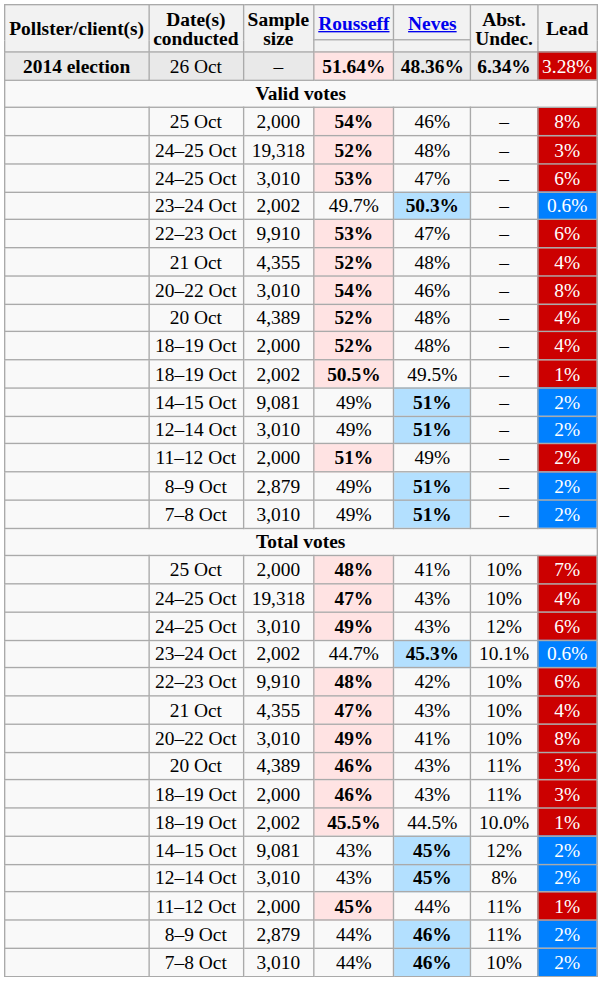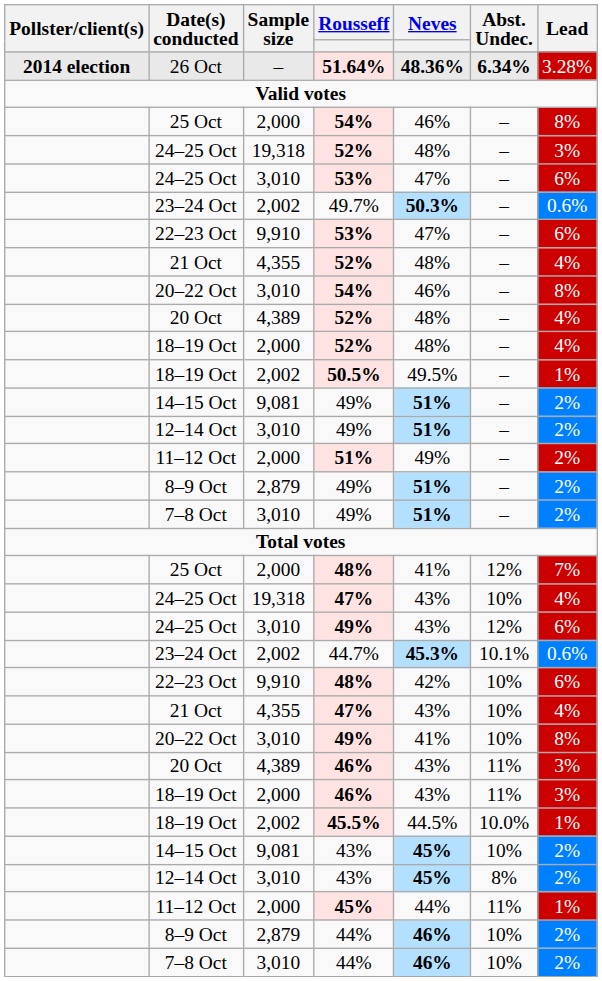 <table class="wikitable sortable" style="text-align:center;font-size:90%;line-height:14px;">
 <tr>
 <th rowspan="2">Pollster/client(s)</th>
 <th rowspan="2">Date(s)<br>conducted</th>
 <th rowspan="2" data-sort-type="number">Sample<br>size</th>
 <th class="unsortable" style="width:50px;"><a href='#'>Rousseff</a><br></th>
 <th class="unsortable" style="width:50px;"><a href='#'>Neves</a><br></th>
 <th rowspan="2" class="unsortable">Abst.<br>Undec.</th>
 <th rowspan="2" data-sort-type="number">Lead</th>
 </tr>
 <tr>
 <th data-sort-type="number" class="sortable" style="background:"></th>
 <th data-sort-type="number" class="sortable" style="background:"></th>
 </tr>
 <tr style="background:#E9E9E9;">
 <td><strong>2014 election</strong></td>
 <td>26 Oct</td>
 <td>–</td>
 <td style="background:#FFE3E3"><strong>51.64%</strong></td>
 <td><strong>48.36%</strong></td>
 <td><strong>6.34%</strong></td>
 <td style="background:#CC0000;color:#FFFFFF;">3.28%</td>
 </tr>
 <tr>
 <td colspan="7"><strong>Valid votes</strong></td>
 </tr>
 <tr>
 <td></td>
 <td>25 Oct</td>
 <td>2,000</td>
 <td style="background:#FFE3E3"><strong>54%</strong></td>
 <td>46%</td>
 <td>–</td>
 <td style="background:#CC0000;color:#FFFFFF;">8%</td>
 </tr>
 <tr>
 <td></td>
 <td>24–25 Oct</td>
 <td>19,318</td>
 <td style="background:#FFE3E3"><strong>52%</strong></td>
 <td>48%</td>
 <td>–</td>
 <td style="background:#CC0000;color:#FFFFFF;">3%</td>
 </tr>
 <tr>
 <td></td>
 <td>24–25 Oct</td>
 <td>3,010</td>
 <td style="background:#FFE3E3"><strong>53%</strong></td>
 <td>47%</td>
 <td>–</td>
 <td style="background:#CC0000;color:#FFFFFF;">6%</td>
 </tr>
 <tr>
 <td></td>
 <td>23–24 Oct</td>
 <td>2,002</td>
 <td>49.7%</td>
 <td style="background:#B3E0FF"><strong>50.3%</strong></td>
 <td>–</td>
 <td style="background:#0080FF;color:#FFFFFF;">0.6%</td>
 </tr>
 <tr>
 <td></td>
 <td>22–23 Oct</td>
 <td>9,910</td>
 <td style="background:#FFE3E3"><strong>53%</strong></td>
 <td>47%</td>
 <td>–</td>
 <td style="background:#CC0000;color:#FFFFFF;">6%</td>
 </tr>
 <tr>
 <td></td>
 <td>21 Oct</td>
 <td>4,355</td>
 <td style="background:#FFE3E3"><strong>52%</strong></td>
 <td>48%</td>
 <td>–</td>
 <td style="background:#CC0000;color:#FFFFFF;">4%</td>
 </tr>
 <tr>
 <td></td>
 <td>20–22 Oct</td>
 <td>3,010</td>
 <td style="background:#FFE3E3"><strong>54%</strong></td>
 <td>46%</td>
 <td>–</td>
 <td style="background:#CC0000;color:#FFFFFF;">8%</td>
 </tr>
 <tr>
 <td></td>
 <td>20 Oct</td>
 <td>4,389</td>
 <td style="background:#FFE3E3"><strong>52%</strong></td>
 <td>48%</td>
 <td>–</td>
 <td style="background:#CC0000;color:#FFFFFF;">4%</td>
 </tr>
 <tr>
 <td></td>
 <td>18–19 Oct</td>
 <td>2,000</td>
 <td style="background:#FFE3E3"><strong>52%</strong></td>
 <td>48%</td>
 <td>–</td>
 <td style="background:#CC0000;color:#FFFFFF;">4%</td>
 </tr>
 <tr>
 <td></td>
 <td>18–19 Oct</td>
 <td>2,002</td>
 <td style="background:#FFE3E3"><strong>50.5%</strong></td>
 <td>49.5%</td>
 <td>–</td>
 <td style="background:#CC0000;color:#FFFFFF;">1%</td>
 </tr>
 <tr>
 <td></td>
 <td>14–15 Oct</td>
 <td>9,081</td>
 <td>49%</td>
 <td style="background:#B3E0FF"><strong>51%</strong></td>
 <td>–</td>
 <td style="background:#0080FF;color:#FFFFFF;">2%</td>
 </tr>
 <tr>
 <td></td>
 <td>12–14 Oct</td>
 <td>3,010</td>
 <td>49%</td>
 <td style="background:#B3E0FF"><strong>51%</strong></td>
 <td>–</td>
 <td style="background:#0080FF;color:#FFFFFF;">2%</td>
 </tr>
 <tr>
 <td> </td>
 <td>11–12 Oct</td>
 <td>2,000</td>
 <td style="background:#FFE3E3"><strong>51%</strong></td>
 <td>49%</td>
 <td>–</td>
 <td style="background:#CC0000;color:#FFFFFF;">2%</td>
 </tr>
 <tr>
 <td></td>
 <td>8–9 Oct</td>
 <td>2,879</td>
 <td>49%</td>
 <td style="background:#B3E0FF"><strong>51%</strong></td>
 <td>–</td>
 <td style="background:#0080FF;color:#FFFFFF;">2%</td>
 </tr>
 <tr>
 <td></td>
 <td>7–8 Oct</td>
 <td>3,010</td>
 <td>49%</td>
 <td style="background:#B3E0FF"><strong>51%</strong></td>
 <td>–</td>
 <td style="background:#0080FF;color:#FFFFFF;">2%</td>
 </tr>
 <tr>
 <td colspan="7"><strong>Total votes</strong></td>
 </tr>
 <tr>
 <td></td>
 <td>25 Oct</td>
 <td>2,000</td>
 <td style="background:#FFE3E3"><strong>48%</strong></td>
 <td>41%</td>
-<td>10%</td>
+<td>12%</td>
 <td style="background:#CC0000;color:#FFFFFF;">7%</td>
 </tr>
 <tr>
 <td></td>
 <td>24–25 Oct</td>
 <td>19,318</td>
 <td style="background:#FFE3E3"><strong>47%</strong></td>
 <td>43%</td>
 <td>10%</td>
 <td style="background:#CC0000;color:#FFFFFF;">4%</td>
 </tr>
 <tr>
 <td></td>
 <td>24–25 Oct</td>
 <td>3,010</td>
 <td style="background:#FFE3E3"><strong>49%</strong></td>
 <td>43%</td>
 <td>12%</td>
 <td style="background:#CC0000;color:#FFFFFF;">6%</td>
 </tr>
 <tr>
 <td></td>
 <td>23–24 Oct</td>
 <td>2,002</td>
 <td>44.7%</td>
 <td style="background:#B3E0FF"><strong>45.3%</strong></td>
 <td>10.1%</td>
 <td style="background:#0080FF;color:#FFFFFF;">0.6%</td>
 </tr>
 <tr>
 <td></td>
 <td>22–23 Oct</td>
 <td>9,910</td>
 <td style="background:#FFE3E3"><strong>48%</strong></td>
 <td>42%</td>
 <td>10%</td>
 <td style="background:#CC0000;color:#FFFFFF;">6%</td>
 </tr>
 <tr>
 <td></td>
 <td>21 Oct</td>
 <td>4,355</td>
 <td style="background:#FFE3E3"><strong>47%</strong></td>
 <td>43%</td>
 <td>10%</td>
 <td style="background:#CC0000;color:#FFFFFF;">4%</td>
 </tr>
 <tr>
 <td></td>
 <td>20–22 Oct</td>
 <td>3,010</td>
 <td style="background:#FFE3E3"><strong>49%</strong></td>
 <td>41%</td>
 <td>10%</td>
 <td style="background:#CC0000;color:#FFFFFF;">8%</td>
 </tr>
 <tr>
 <td></td>
 <td>20 Oct</td>
 <td>4,389</td>
 <td style="background:#FFE3E3"><strong>46%</strong></td>
 <td>43%</td>
 <td>11%</td>
 <td style="background:#CC0000;color:#FFFFFF;">3%</td>
 </tr>
 <tr>
 <td></td>
 <td>18–19 Oct</td>
 <td>2,000</td>
 <td style="background:#FFE3E3"><strong>46%</strong></td>
 <td>43%</td>
 <td>11%</td>
 <td style="background:#CC0000;color:#FFFFFF;">3%</td>
 </tr>
 <tr>
 <td></td>
 <td>18–19 Oct</td>
 <td>2,002</td>
 <td style="background:#FFE3E3"><strong>45.5%</strong></td>
 <td>44.5%</td>
 <td>10.0%</td>
 <td style="background:#CC0000;color:#FFFFFF;">1%</td>
 </tr>
 <tr>
 <td></td>
 <td>14–15 Oct</td>
 <td>9,081</td>
 <td>43%</td>
 <td style="background:#B3E0FF"><strong>45%</strong></td>
-<td>12%</td>
+<td>10%</td>
 <td style="background:#0080FF;color:#FFFFFF;">2%</td>
 </tr>
 <tr>
 <td></td>
 <td>12–14 Oct</td>
 <td>3,010</td>
 <td>43%</td>
 <td style="background:#B3E0FF"><strong>45%</strong></td>
 <td>8%</td>
 <td style="background:#0080FF;color:#FFFFFF;">2%</td>
 </tr>
 <tr>
 <td> </td>
 <td>11–12 Oct</td>
 <td>2,000</td>
 <td style="background:#FFE3E3"><strong>45%</strong></td>
 <td>44%</td>
 <td>11%</td>
 <td style="background:#CC0000;color:#FFFFFF;">1%</td>
 </tr>
 <tr>
 <td></td>
 <td>8–9 Oct</td>
 <td>2,879</td>
 <td>44%</td>
 <td style="background:#B3E0FF"><strong>46%</strong></td>
-<td>11%</td>
+<td>10%</td>
 <td style="background:#0080FF;color:#FFFFFF;">2%</td>
 </tr>
 <tr>
 <td></td>
 <td>7–8 Oct</td>
 <td>3,010</td>
 <td>44%</td>
 <td style="background:#B3E0FF"><strong>46%</strong></td>
 <td>10%</td>
 <td style="background:#0080FF;color:#FFFFFF;">2%</td>
 </tr>
 </table>
